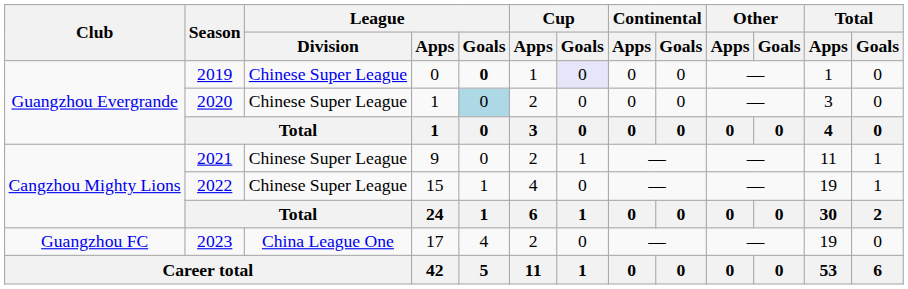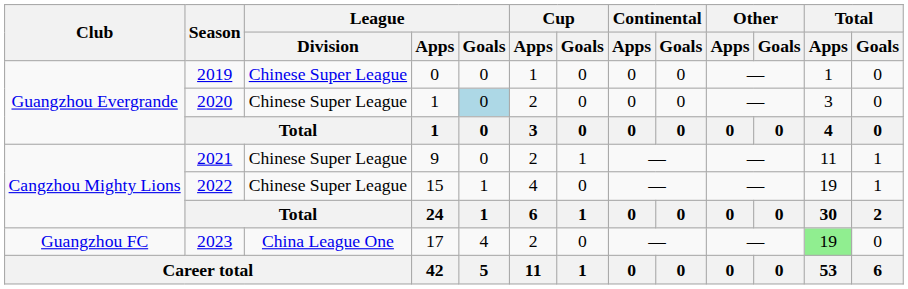 <table class="wikitable" style="text-align:center">
 <tr>
 <th rowspan="2">Club</th>
 <th rowspan="2">Season</th>
 <th colspan="3">League</th>
 <th colspan="2">Cup</th>
 <th colspan="2">Continental</th>
 <th colspan="2">Other</th>
 <th colspan="2">Total</th>
 </tr>
 <tr>
 <th>Division</th>
 <th>Apps</th>
 <th>Goals</th>
 <th>Apps</th>
 <th>Goals</th>
 <th>Apps</th>
 <th>Goals</th>
 <th>Apps</th>
 <th>Goals</th>
 <th>Apps</th>
 <th>Goals</th>
 </tr>
 <tr>
 <td rowspan="3"><a href='#'>Guangzhou Evergrande</a></td>
 <td><a href='#'>2019</a></td>
 <td><a href='#'>Chinese Super League</a></td>
 <td>0</td>
-<td><strong>0</strong></td>
+<td>0</td>
 <td>1</td>
-<td style="background: lavender;">0</td>
+<td>0</td>
 <td>0</td>
 <td>0</td>
 <td colspan="2">—</td>
 <td>1</td>
 <td>0</td>
 </tr>
 <tr>
 <td><a href='#'>2020</a></td>
 <td>Chinese Super League</td>
 <td>1</td>
 <td style="background: lightblue;">0</td>
 <td>2</td>
 <td>0</td>
 <td>0</td>
 <td>0</td>
 <td colspan="2">—</td>
 <td>3</td>
 <td>0</td>
 </tr>
 <tr>
 <th colspan="2">Total</th>
 <th>1</th>
 <th>0</th>
 <th>3</th>
 <th>0</th>
 <th>0</th>
 <th>0</th>
 <th>0</th>
 <th>0</th>
 <th>4</th>
 <th>0</th>
 </tr>
 <tr>
 <td rowspan="3"><a href='#'>Cangzhou Mighty Lions</a></td>
 <td><a href='#'>2021</a></td>
 <td>Chinese Super League</td>
 <td>9</td>
 <td>0</td>
 <td>2</td>
 <td>1</td>
 <td colspan="2">—</td>
 <td colspan="2">—</td>
 <td>11</td>
 <td>1</td>
 </tr>
 <tr>
 <td><a href='#'>2022</a></td>
 <td>Chinese Super League</td>
 <td>15</td>
 <td>1</td>
 <td>4</td>
 <td>0</td>
 <td colspan="2">—</td>
 <td colspan="2">—</td>
 <td>19</td>
 <td>1</td>
 </tr>
 <tr>
 <th colspan="2">Total</th>
 <th>24</th>
 <th>1</th>
 <th>6</th>
 <th>1</th>
 <th>0</th>
 <th>0</th>
 <th>0</th>
 <th>0</th>
 <th>30</th>
 <th>2</th>
 </tr>
 <tr>
 <td><a href='#'>Guangzhou FC</a></td>
 <td><a href='#'>2023</a></td>
 <td><a href='#'>China League One</a></td>
 <td>17</td>
 <td>4</td>
 <td>2</td>
 <td>0</td>
 <td colspan="2">—</td>
 <td colspan="2">—</td>
-<td>19</td>
+<td style="background: lightgreen;">19</td>
 <td>0</td>
 </tr>
 <tr>
 <th colspan="3">Career total</th>
 <th>42</th>
 <th>5</th>
 <th>11</th>
 <th>1</th>
 <th>0</th>
 <th>0</th>
 <th>0</th>
 <th>0</th>
 <th>53</th>
 <th>6</th>
 </tr>
 </table>
